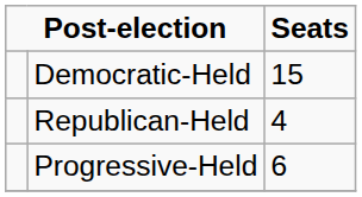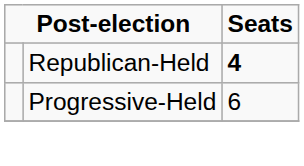 <table class= "wikitable">
 <tr>
 <td colspan= "2" rowspan= "1" align= "center" valign= "top"><strong>Post-election</strong></td>
 <td valign= "top"><strong>Seats</strong><br></td>
 </tr>
 <tr>
 <td style="background-color:"> </td>
-<td>Democratic-Held</td>
-<td>15</td>
-</tr>
-<tr>
-<td style="background-color:"> </td>
 <td>Republican-Held</td>
-<td>4</td>
+<td><strong>4</strong></td>
 </tr>
 <tr>
 <td style="background-color:"> </td>
 <td>Progressive-Held</td>
 <td>6</td>
 </tr>
 <tr>
 </tr>
 </table>
